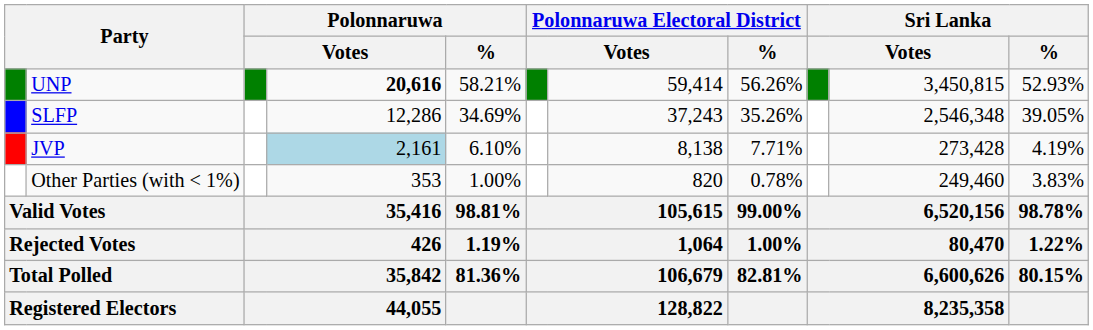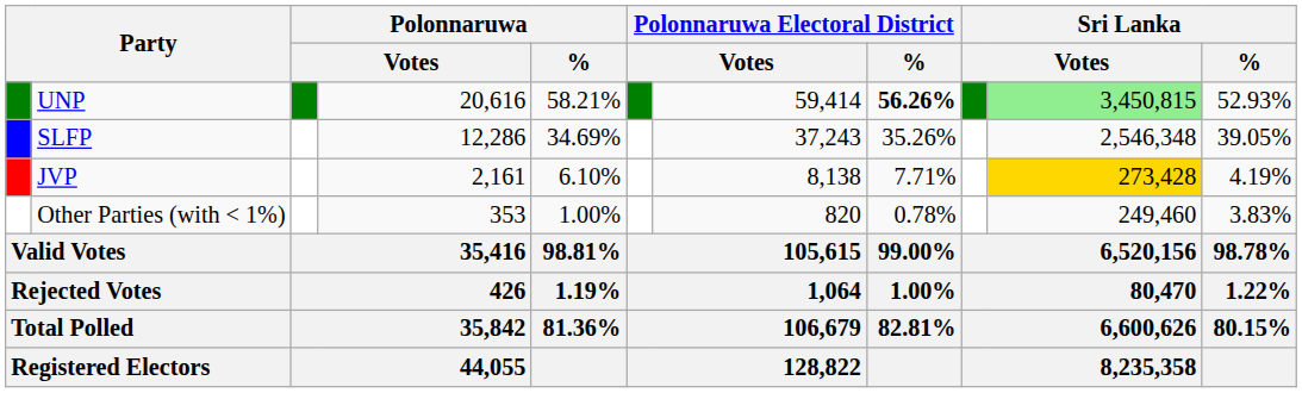 <table class="wikitable">
 <tr>
 <th colspan="2" width="144px"rowspan="2">Party</th>
 <th colspan="3" width="216px">Polonnaruwa</th>
 <th colspan="3" width="216px"><a href='#'>Polonnaruwa Electoral District</a></th>
 <th colspan="3" width="216px">Sri Lanka</th>
 </tr>
 <tr>
 <th colspan="2" width="144px">Votes</th>
 <th>%</th>
 <th colspan="2" width="144px">Votes</th>
 <th>%</th>
 <th colspan="2" width="144px">Votes</th>
 <th>%</th>
 </tr>
 <tr>
 <td style="background-color:green;" width="10px"></td>
 <td style="text-align:left;"><a href='#'>UNP</a></td>
 <td style="background-color:green;" width="10px"></td>
-<td style="text-align:right;"><strong>20,616</strong></td>
+<td style="text-align:right;">20,616</td>
 <td style="text-align:right;">58.21%</td>
 <td style="background-color:green;" width="10px"></td>
 <td style="text-align:right;">59,414</td>
-<td style="text-align:right;">56.26%</td>
+<td style="text-align:right;"><strong>56.26%</strong></td>
 <td style="background-color:green;" width="10px"></td>
-<td style="text-align:right;">3,450,815</td>
+<td style="background: lightgreen; text-align:right;">3,450,815</td>
 <td style="text-align:right;">52.93%</td>
 </tr>
 <tr>
 <td style="background-color:blue;" width="10px"></td>
 <td style="text-align:left;"><a href='#'>SLFP</a></td>
 <td style="background-color:white;" width="10px"></td>
 <td style="text-align:right;">12,286</td>
 <td style="text-align:right;">34.69%</td>
 <td style="background-color:white;" width="10px"></td>
 <td style="text-align:right;">37,243</td>
 <td style="text-align:right;">35.26%</td>
 <td style="background-color:white;" width="10px"></td>
 <td style="text-align:right;">2,546,348</td>
 <td style="text-align:right;">39.05%</td>
 </tr>
 <tr>
 <td style="background-color:red;" width="10px"></td>
 <td style="text-align:left;"><a href='#'>JVP</a></td>
 <td style="background-color:white;" width="10px"></td>
-<td style="background: lightblue; text-align:right;">2,161</td>
+<td style="text-align:right;">2,161</td>
 <td style="text-align:right;">6.10%</td>
 <td style="background-color:white;" width="10px"></td>
 <td style="text-align:right;">8,138</td>
 <td style="text-align:right;">7.71%</td>
 <td style="background-color:white;" width="10px"></td>
-<td style="text-align:right;">273,428</td>
+<td style="background: gold; text-align:right;">273,428</td>
 <td style="text-align:right;">4.19%</td>
 </tr>
 <tr>
 <td style="background-color:white;" width="10px"></td>
 <td style="text-align:left;">Other Parties (with < 1%)</td>
 <td style="background-color:white;" width="10px"></td>
 <td style="text-align:right;">353</td>
 <td style="text-align:right;">1.00%</td>
 <td style="background-color:white;" width="10px"></td>
 <td style="text-align:right;">820</td>
 <td style="text-align:right;">0.78%</td>
 <td style="background-color:white;" width="10px"></td>
 <td style="text-align:right;">249,460</td>
 <td style="text-align:right;">3.83%</td>
 </tr>
 <tr>
 <th colspan="2" width="144px"style="text-align:left;">Valid Votes</th>
 <th style="text-align:right;"colspan="2" width="144px">35,416</th>
 <th style="text-align:right;">98.81%</th>
 <th style="text-align:right;"colspan="2" width="144px">105,615</th>
 <th style="text-align:right;">99.00%</th>
 <th style="text-align:right;"colspan="2" width="144px">6,520,156</th>
 <th style="text-align:right;">98.78%</th>
 </tr>
 <tr>
 <th colspan="2" width="144px"style="text-align:left;">Rejected Votes</th>
 <th style="text-align:right;"colspan="2" width="144px">426</th>
 <th style="text-align:right;">1.19%</th>
 <th style="text-align:right;"colspan="2" width="144px">1,064</th>
 <th style="text-align:right;">1.00%</th>
 <th style="text-align:right;"colspan="2" width="144px">80,470</th>
 <th style="text-align:right;">1.22%</th>
 </tr>
 <tr>
 <th colspan="2" width="144px"style="text-align:left;">Total Polled</th>
 <th style="text-align:right;"colspan="2" width="144px">35,842</th>
 <th style="text-align:right;">81.36%</th>
 <th style="text-align:right;"colspan="2" width="144px">106,679</th>
 <th style="text-align:right;">82.81%</th>
 <th style="text-align:right;"colspan="2" width="144px">6,600,626</th>
 <th style="text-align:right;">80.15%</th>
 </tr>
 <tr>
 <th colspan="2" width="144px"style="text-align:left;">Registered Electors</th>
 <th style="text-align:right;"colspan="2" width="144px">44,055</th>
 <th></th>
 <th style="text-align:right;"colspan="2" width="144px">128,822</th>
 <th></th>
 <th style="text-align:right;"colspan="2" width="144px">8,235,358</th>
 <th></th>
 </tr>
 </table>
